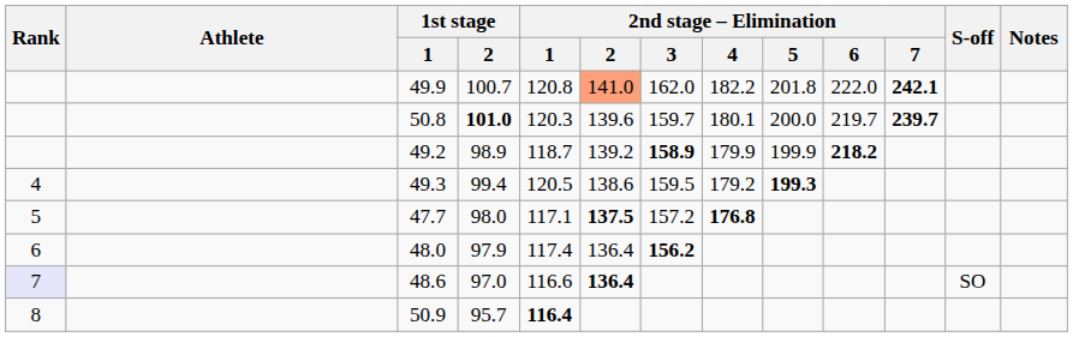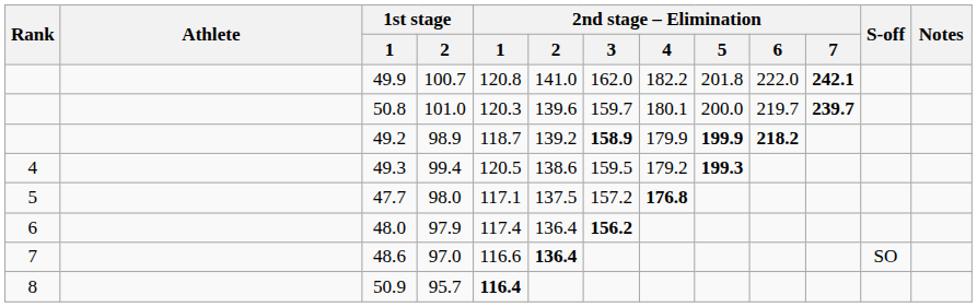 <table class="wikitable" style="text-align:center">
 <tr>
 <th rowspan=2 width=40>Rank</th>
 <th rowspan=2 width=250>Athlete</th>
 <th colspan=2>1st stage</th>
 <th colspan=7>2nd stage – Elimination</th>
 <th rowspan=2 width=35>S-off</th>
 <th rowspan=2 width=45>Notes</th>
 </tr>
 <tr>
 <th width=40>1</th>
 <th width=40>2</th>
 <th width=40>1</th>
 <th width=40>2</th>
 <th width=40>3</th>
 <th width=40>4</th>
 <th width=40>5</th>
 <th width=40>6</th>
 <th width=40>7</th>
 </tr>
 <tr>
 <td></td>
 <td align=left></td>
 <td>49.9</td>
 <td>100.7</td>
 <td>120.8</td>
-<td style="background: lightsalmon;">141.0</td>
+<td>141.0</td>
 <td>162.0</td>
 <td>182.2</td>
 <td>201.8</td>
 <td>222.0</td>
 <td><strong>242.1</strong></td>
 <td></td>
 <td></td>
 </tr>
 <tr>
 <td></td>
 <td align=left></td>
 <td>50.8</td>
-<td><strong>101.0</strong></td>
+<td>101.0</td>
 <td>120.3</td>
 <td>139.6</td>
 <td>159.7</td>
 <td>180.1</td>
 <td>200.0</td>
 <td>219.7</td>
 <td><strong>239.7</strong></td>
 <td></td>
 <td></td>
 </tr>
 <tr>
 <td></td>
 <td align=left></td>
 <td>49.2</td>
 <td>98.9</td>
 <td>118.7</td>
 <td>139.2</td>
 <td><strong>158.9</strong></td>
 <td>179.9</td>
-<td>199.9</td>
+<td><strong>199.9</strong></td>
 <td><strong>218.2</strong></td>
 <td></td>
 <td></td>
 <td></td>
 </tr>
 <tr>
 <td>4</td>
 <td align=left></td>
 <td>49.3</td>
 <td>99.4</td>
 <td>120.5</td>
 <td>138.6</td>
 <td>159.5</td>
 <td>179.2</td>
 <td><strong>199.3</strong></td>
 <td></td>
 <td></td>
 <td></td>
 <td></td>
 </tr>
 <tr>
 <td>5</td>
 <td align=left></td>
 <td>47.7</td>
 <td>98.0</td>
 <td>117.1</td>
-<td><strong>137.5</strong></td>
+<td>137.5</td>
 <td>157.2</td>
 <td><strong>176.8</strong></td>
 <td></td>
 <td></td>
 <td></td>
 <td></td>
 <td></td>
 </tr>
 <tr>
 <td>6</td>
 <td align=left></td>
 <td>48.0</td>
 <td>97.9</td>
 <td>117.4</td>
 <td>136.4</td>
 <td><strong>156.2</strong></td>
 <td></td>
 <td></td>
 <td></td>
 <td></td>
 <td></td>
 <td></td>
 </tr>
 <tr>
-<td style="background: lavender;">7</td>
+<td>7</td>
 <td align=left></td>
 <td>48.6</td>
 <td>97.0</td>
 <td>116.6</td>
 <td><strong>136.4</strong></td>
 <td></td>
 <td></td>
 <td></td>
 <td></td>
 <td></td>
 <td>SO</td>
 <td></td>
 </tr>
 <tr>
 <td>8</td>
 <td align=left></td>
 <td>50.9</td>
 <td>95.7</td>
 <td><strong>116.4</strong></td>
 <td></td>
 <td></td>
 <td></td>
 <td></td>
 <td></td>
 <td></td>
 <td></td>
 </tr>
 </table>
